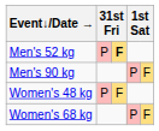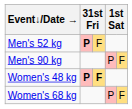 <table class="wikitable" style="margin:0.5em auto; font-size:90%; line-height:1.25em; text-align:center;">
 <tr>
 <th>Event↓/Date →</th>
 <th colspan=2>31st<br>Fri</th>
 <th colspan=2>1st<br>Sat</th>
 </tr>
 <tr>
 <td align="left"><a href='#'>Men's 52 kg</a></td>
-<td bgcolor="#FFBBBB">P</td>
-<td bgcolor="#FFDF80"><strong>F</strong></td>
+<td bgcolor="#FFBBBB"><strong>P</strong></td>
+<td bgcolor="#FFDF80">F</td>
 <td colspan=2></td>
 </tr>
 <tr>
 <td align="left"><a href='#'>Men's 90 kg</a></td>
 <td colspan=2></td>
 <td bgcolor="#FFBBBB">P</td>
 <td bgcolor="#FFDF80">F</td>
 </tr>
 <tr>
 <td align="left"><a href='#'>Women's 48 kg</a></td>
-<td bgcolor="#FFBBBB">P</td>
-<td bgcolor="#FFDF80">F</td>
+<td bgcolor="#FFBBBB"><strong>P</strong></td>
+<td bgcolor="#FFDF80"><strong>F</strong></td>
 <td colspan=2></td>
 </tr>
 <tr>
 <td align="left"><a href='#'>Women's 68 kg</a></td>
 <td colspan=2></td>
 <td bgcolor="#FFBBBB">P</td>
 <td bgcolor="#FFDF80">F</td>
 </tr>
 </table>
